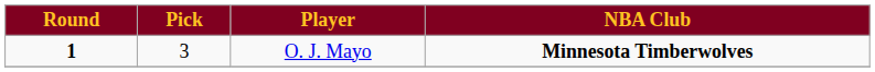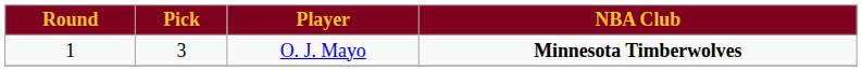 <table class="wikitable" width="80%">
 <tr align="center"  style="background:#800020;color:#ffc322;">
 <td><strong>Round</strong></td>
 <td><strong>Pick</strong></td>
 <td><strong>Player</strong></td>
 <td><strong>NBA Club</strong></td>
 </tr>
 <tr align="center" bgcolor="">
-<td><strong>1</strong></td>
+<td>1</td>
 <td>3</td>
 <td><a href='#'>O. J. Mayo</a></td>
 <td><strong>Minnesota Timberwolves</strong></td>
 </tr>
 <tr align="center" bgcolor="">
 </tr>
 </table>
